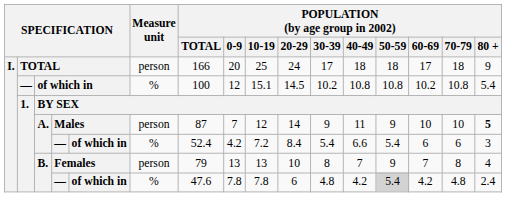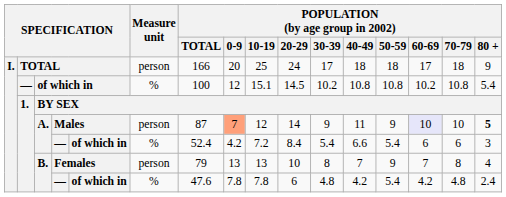 <table class="wikitable" style="font-size:85%; text-align:center">
 <tr>
 <th rowspan="2" colspan="5">SPECIFICATION</th>
 <th rowspan="2">Measure<br> unit</th>
 <th colspan="10" rowspan="1">POPULATION<br> (by age group in 2002)</th>
 </tr>
 <tr>
 <th>TOTAL</th>
 <th>0-9</th>
 <th>10-19</th>
 <th>20-29</th>
 <th>30-39</th>
 <th>40-49</th>
 <th>50-59</th>
 <th>60-69</th>
 <th>70-79</th>
 <th>80 +</th>
 </tr>
 <tr>
 <th style="text-align:left" valign="top" rowspan="7">I.</th>
 <th style="text-align:left" colspan="4">TOTAL</th>
 <td>person</td>
 <td>166</td>
 <td>20</td>
 <td>25</td>
 <td>24</td>
 <td>17</td>
 <td>18</td>
 <td>18</td>
 <td>17</td>
 <td>18</td>
 <td>9</td>
 </tr>
 <tr>
 <th style="text-align:left" valign="top">—</th>
 <th style="text-align:left" colspan="3">of which in</th>
 <td>%</td>
 <td>100</td>
 <td>12</td>
 <td>15.1</td>
 <td>14.5</td>
 <td>10.2</td>
 <td>10.8</td>
 <td>10.8</td>
 <td>10.2</td>
 <td>10.8</td>
 <td>5.4</td>
 </tr>
 <tr>
 <th style="text-align:left" valign="top" rowspan="5">1.</th>
 <th style="text-align:left" colspan="14">BY SEX</th>
 </tr>
 <tr>
 <th style="text-align:left" valign="top" rowspan="2">A.</th>
 <th style="text-align:left" colspan="2">Males</th>
 <td>person</td>
 <td>87</td>
-<td>7</td>
+<td style="background: lightsalmon;">7</td>
 <td>12</td>
 <td>14</td>
 <td>9</td>
 <td>11</td>
 <td>9</td>
-<td>10</td>
+<td style="background: lavender;">10</td>
 <td>10</td>
 <td><strong>5</strong></td>
 </tr>
 <tr>
 <th style="text-align:left" valign="top">—</th>
 <th style="text-align:left" colspan="1">of which in</th>
 <td>%</td>
 <td>52.4</td>
 <td>4.2</td>
 <td>7.2</td>
 <td>8.4</td>
 <td>5.4</td>
 <td>6.6</td>
 <td>5.4</td>
 <td>6</td>
 <td>6</td>
 <td>3</td>
 </tr>
 <tr>
 <th style="text-align:left" valign="top" rowspan="2">B.</th>
 <th style="text-align:left" colspan="2">Females</th>
 <td>person</td>
 <td>79</td>
 <td>13</td>
 <td>13</td>
 <td>10</td>
 <td>8</td>
 <td>7</td>
 <td>9</td>
 <td>7</td>
 <td>8</td>
 <td>4</td>
 </tr>
 <tr>
 <th style="text-align:left" valign="top">—</th>
 <th style="text-align:left" colspan="1">of which in</th>
 <td>%</td>
 <td>47.6</td>
 <td>7.8</td>
 <td>7.8</td>
 <td>6</td>
 <td>4.8</td>
 <td>4.2</td>
-<td style="background: lightgrey;">5.4</td>
+<td>5.4</td>
 <td>4.2</td>
 <td>4.8</td>
 <td>2.4</td>
 </tr>
 </table>
